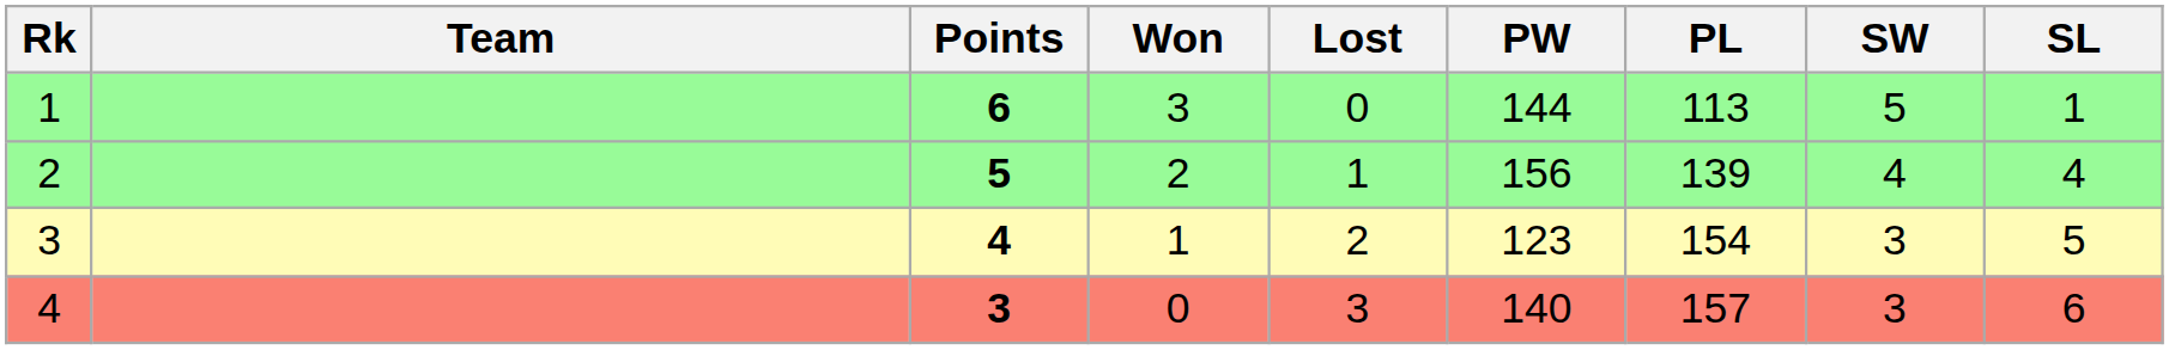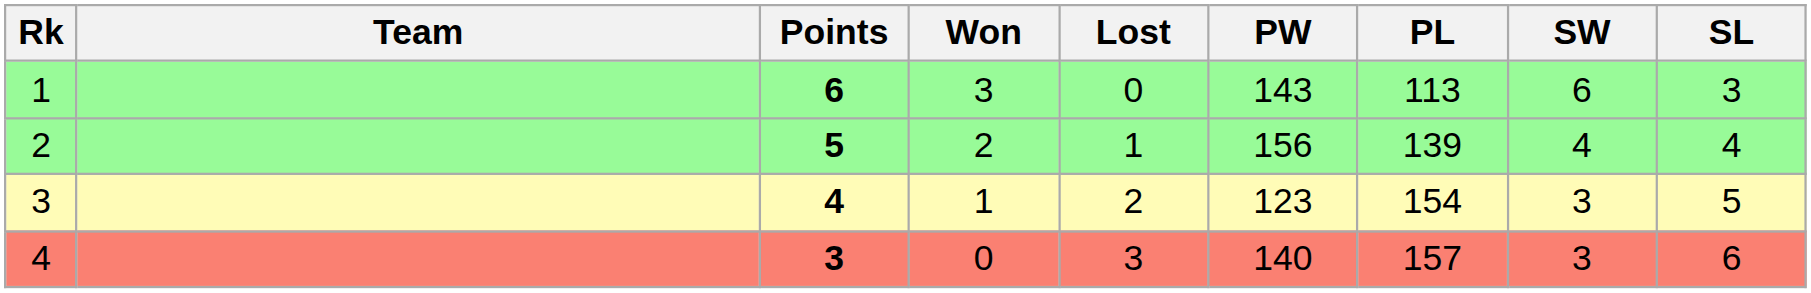 <table class=wikitable style=text-align:center>
 <tr>
 <th width=25>Rk</th>
 <th width=300>Team</th>
 <th width=60>Points</th>
 <th width=60>Won</th>
 <th width=60>Lost</th>
 <th width=60>PW</th>
 <th width=60>PL</th>
 <th width=60>SW</th>
 <th width=60>SL</th>
 </tr>
 <tr style="background: #98fb98">
 <td>1</td>
 <td align=left></td>
 <td><strong>6</strong></td>
 <td>3</td>
 <td>0</td>
-<td>144</td>
+<td>143</td>
 <td>113</td>
-<td>5</td>
-<td>1</td>
+<td>6</td>
+<td>3</td>
 </tr>
 <tr style="background: #98fb98">
 <td>2</td>
 <td align=left></td>
 <td><strong>5</strong></td>
 <td>2</td>
 <td>1</td>
 <td>156</td>
 <td>139</td>
 <td>4</td>
 <td>4</td>
 </tr>
 <tr style="background: #fffcb7">
 <td>3</td>
 <td align=left></td>
 <td><strong>4</strong></td>
 <td>1</td>
 <td>2</td>
 <td>123</td>
 <td>154</td>
 <td>3</td>
 <td>5</td>
 </tr>
 <tr style="background: salmon">
 <td>4</td>
 <td align=left></td>
 <td><strong>3</strong></td>
 <td>0</td>
 <td>3</td>
 <td>140</td>
 <td>157</td>
 <td>3</td>
 <td>6</td>
 </tr>
 </table>
